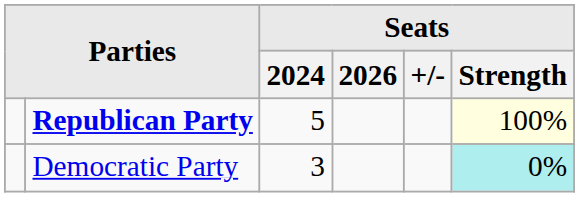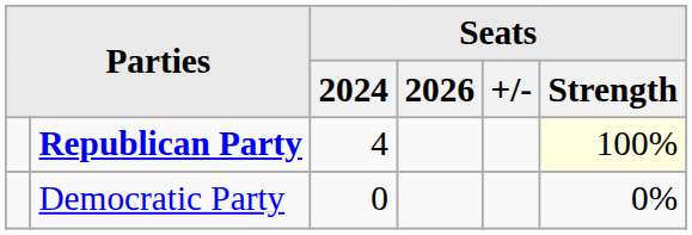 <table class=wikitable>
 <tr>
 <th style="background-color:#E9E9E9" align=center rowspan=2 colspan=2>Parties</th>
 <th style="background-color:#E9E9E9" align=center colspan=5>Seats</th>
 </tr>
 <tr bgcolor=#E9E9E9>
 <th>2024</th>
 <th>2026</th>
 <th>+/-</th>
 <th>Strength</th>
 </tr>
 <tr>
 <td style="background-color:"> </td>
 <td><strong><a href='#'>Republican Party</a></strong></td>
-<td align=right>5</td>
+<td align=right>4</td>
 <td align=right></td>
 <td align=right></td>
 <td align=right style="background: lightyellow;">100%</td>
 </tr>
 <tr>
 <td style="background-color:"> </td>
 <td><a href='#'>Democratic Party</a></td>
-<td align=right>3</td>
+<td align=right>0</td>
 <td align=right></td>
 <td align=right></td>
-<td align=right style="background: paleturquoise;">0%</td>
+<td align=right>0%</td>
 </tr>
 </table>
